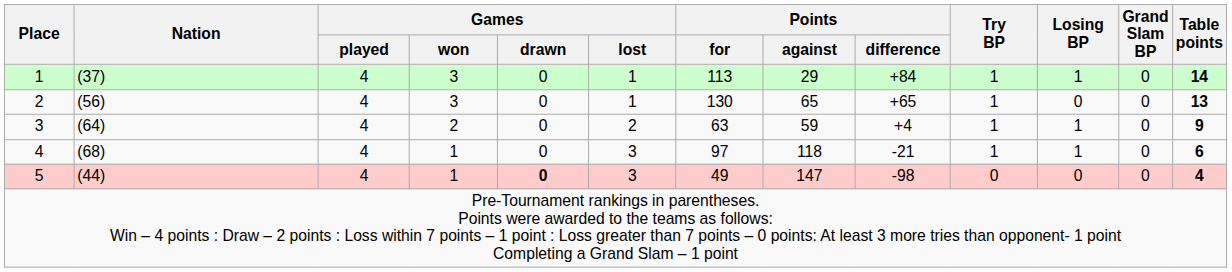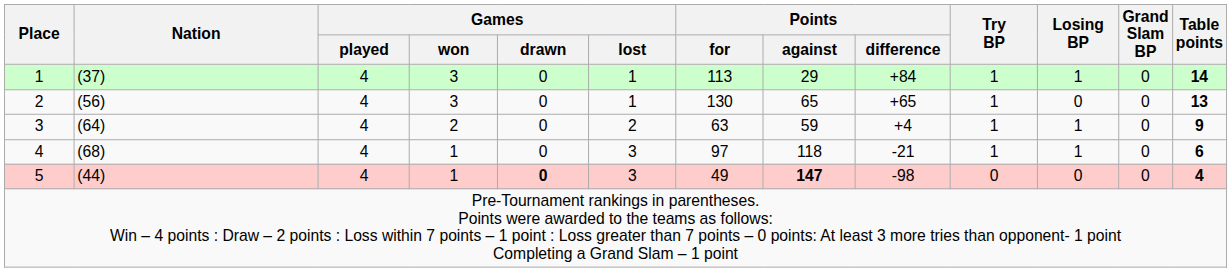 <table class="wikitable">
 <tr>
 <th rowspan=2 width="6%">Place</th>
 <th rowspan=2 width="23%">Nation</th>
 <th colspan=4 width="40%">Games</th>
 <th colspan=3 width="24%">Points</th>
 <th rowspan=2 width="8%">Try<br>BP</th>
 <th rowspan=2 width="8%">Losing<br>BP</th>
 <th rowspan=2 width="8%">Grand Slam<br>BP</th>
 <th rowspan=2 width="10%">Table<br>points</th>
 </tr>
 <tr>
 <th width="8%">played</th>
 <th width="8%">won</th>
 <th width="8%">drawn</th>
 <th width="8%">lost</th>
 <th width="8%">for</th>
 <th width="8%">against</th>
 <th width="8%">difference</th>
 </tr>
 <tr style="text-align:center; background:#cfc;">
 <td>1</td>
 <td align=left> (37)</td>
 <td>4</td>
 <td>3</td>
 <td>0</td>
 <td>1</td>
 <td>113</td>
 <td>29</td>
 <td>+84</td>
 <td>1</td>
 <td>1</td>
 <td>0</td>
 <td><strong>14</strong></td>
 </tr>
 <tr align=center>
 <td>2</td>
 <td align=left> (56)</td>
 <td>4</td>
 <td>3</td>
 <td>0</td>
 <td>1</td>
 <td>130</td>
 <td>65</td>
 <td>+65</td>
 <td>1</td>
 <td>0</td>
 <td>0</td>
 <td><strong>13</strong></td>
 </tr>
 <tr align=center>
 <td>3</td>
 <td align=left> (64)</td>
 <td>4</td>
 <td>2</td>
 <td>0</td>
 <td>2</td>
 <td>63</td>
 <td>59</td>
 <td>+4</td>
 <td>1</td>
 <td>1</td>
 <td>0</td>
 <td><strong>9</strong></td>
 </tr>
 <tr align=center>
 <td>4</td>
 <td align=left> (68)</td>
 <td>4</td>
 <td>1</td>
 <td>0</td>
 <td>3</td>
 <td>97</td>
 <td>118</td>
 <td>-21</td>
 <td>1</td>
 <td>1</td>
 <td>0</td>
 <td><strong>6</strong></td>
 </tr>
 <tr style="text-align:center; background:#fcc;">
 <td>5</td>
 <td align=left> (44)</td>
 <td>4</td>
 <td>1</td>
 <td><strong>0</strong></td>
 <td>3</td>
 <td>49</td>
-<td>147</td>
+<td><strong>147</strong></td>
 <td>-98</td>
 <td>0</td>
 <td>0</td>
 <td>0</td>
 <td><strong>4</strong></td>
 </tr>
 <tr>
 <td style="text-align:center;" colspan="100">Pre-Tournament rankings in parentheses. <br> Points were awarded to the teams as follows:<br>Win – 4 points : Draw – 2 points  : Loss within 7 points – 1 point : Loss greater than 7 points – 0 points: At least 3 more tries than opponent- 1 point<br>Completing a Grand Slam – 1 point</td>
 </tr>
 </table>
